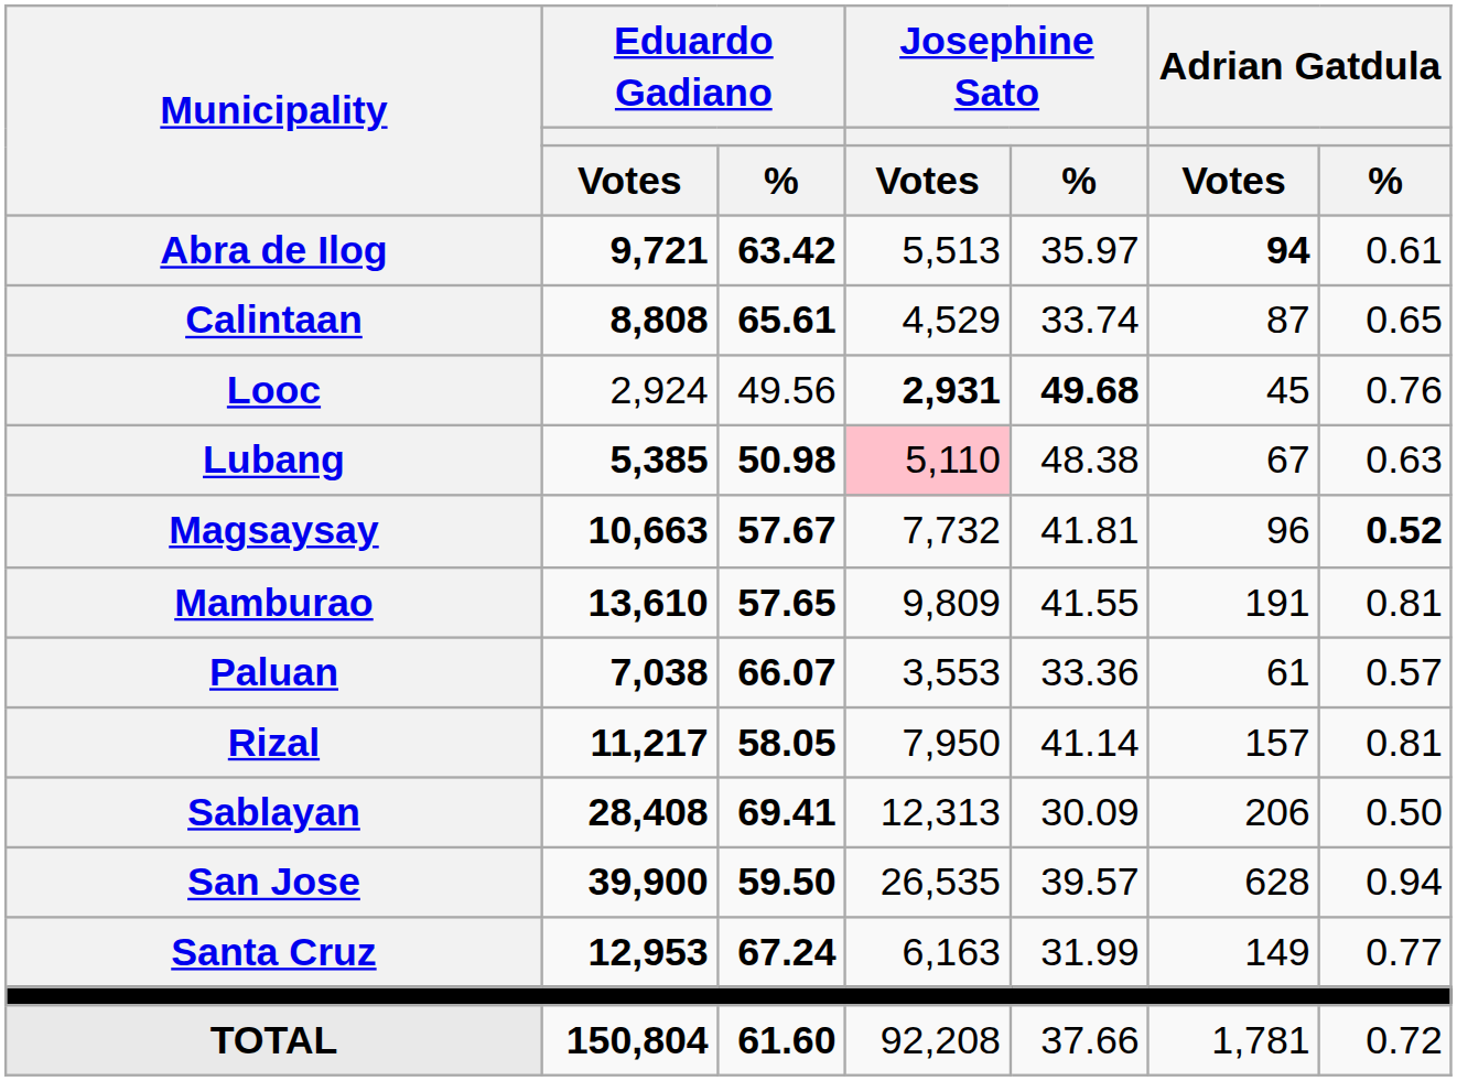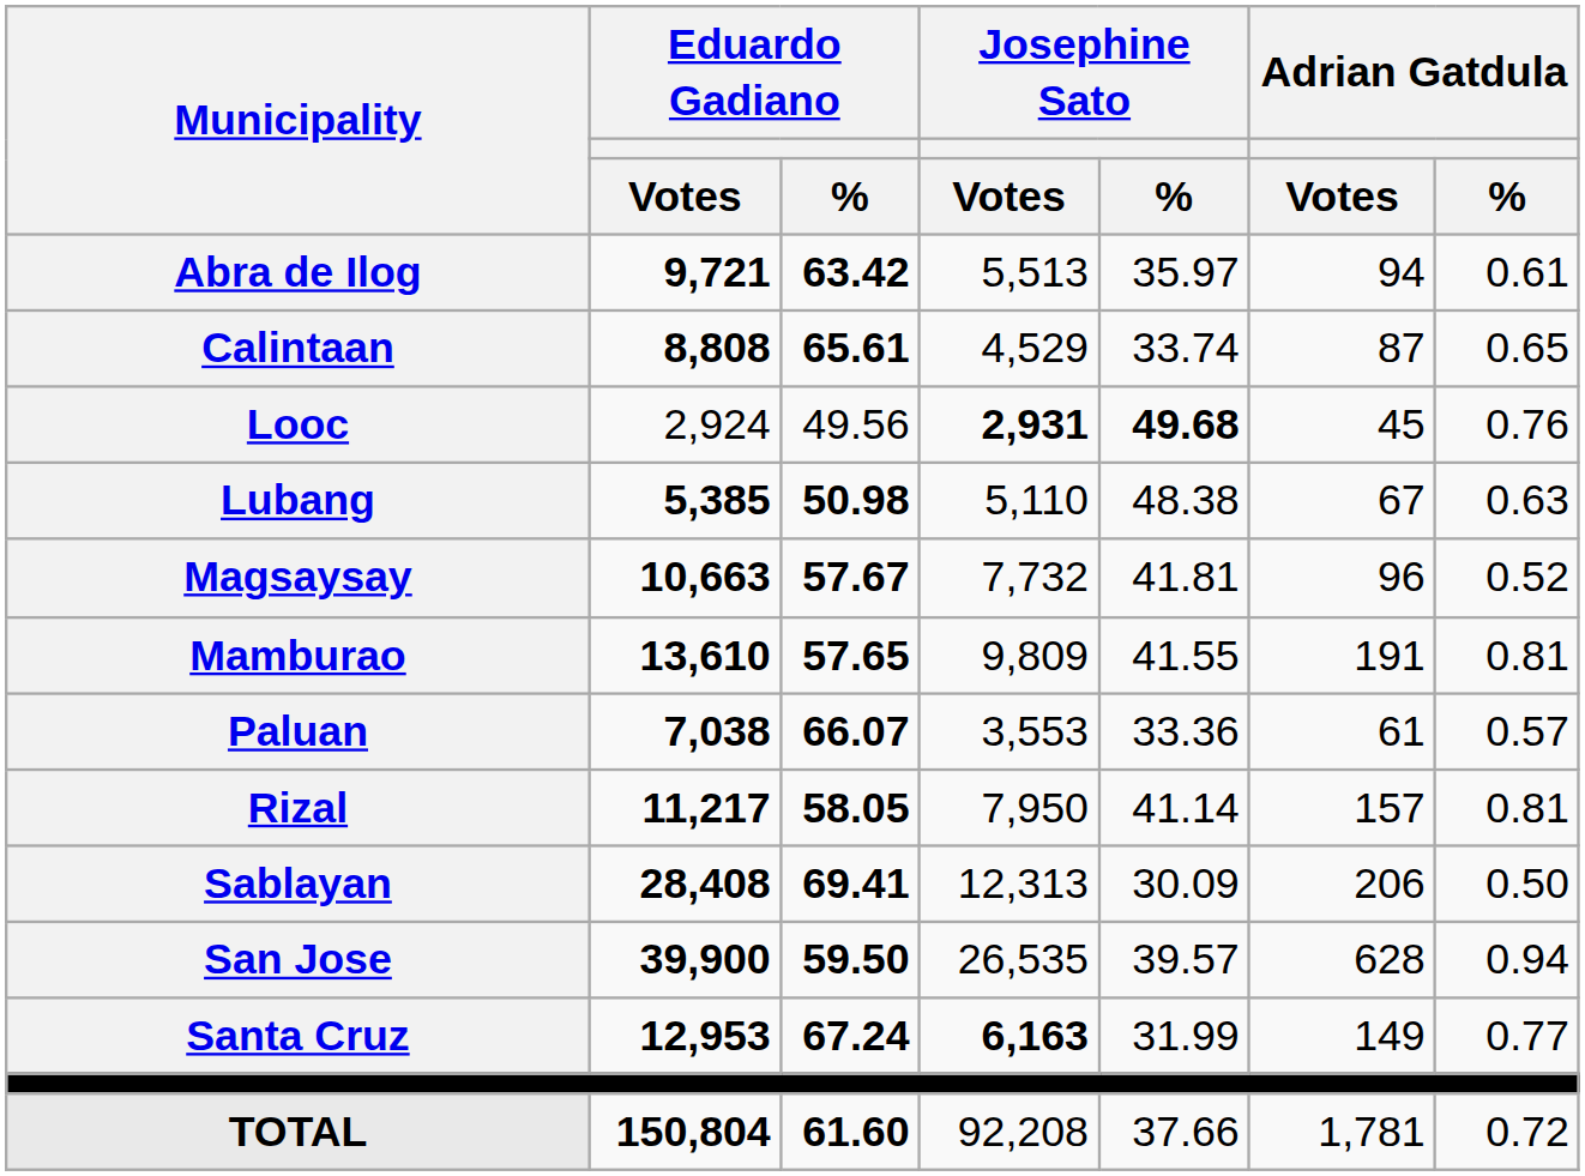 <table class="wikitable collapsible collapsed" style="text-align:right; font-size:95%; line-height:20px;">
 <tr>
 <th rowspan="3" width="200"><a href='#'>Municipality</a></th>
 <th colspan="2" width="110"><a href='#'>Eduardo Gadiano</a></th>
 <th colspan="2" width="110"><a href='#'>Josephine Sato</a></th>
 <th colspan="2" width="110">Adrian Gatdula</th>
 </tr>
 <tr>
 <th colspan="2" style="background:"></th>
 <th colspan="2" style="background:"></th>
 <th colspan="2" style="background:"></th>
 </tr>
 <tr>
 <th>Votes</th>
 <th>%</th>
 <th>Votes</th>
 <th>%</th>
 <th>Votes</th>
 <th>%</th>
 </tr>
 <tr>
 <th scope="row"><a href='#'>Abra de Ilog</a></th>
 <td style="background:"><strong>9,721</strong></td>
 <td style="background:"><strong>63.42</strong></td>
 <td>5,513</td>
 <td>35.97</td>
-<td><strong>94</strong></td>
+<td>94</td>
 <td>0.61</td>
 </tr>
 <tr>
 <th scope="row"><a href='#'>Calintaan</a></th>
 <td style="background:"><strong>8,808</strong></td>
 <td style="background:"><strong>65.61</strong></td>
 <td>4,529</td>
 <td>33.74</td>
 <td>87</td>
 <td>0.65</td>
 </tr>
 <tr>
 <th scope="row"><a href='#'>Looc</a></th>
 <td>2,924</td>
 <td>49.56</td>
 <td style="background:"><strong>2,931</strong></td>
 <td style="background:"><strong>49.68</strong></td>
 <td>45</td>
 <td>0.76</td>
 </tr>
 <tr>
 <th scope="row"><a href='#'>Lubang</a></th>
 <td style="background:"><strong>5,385</strong></td>
 <td style="background:"><strong>50.98</strong></td>
-<td style="background: pink;">5,110</td>
+<td>5,110</td>
 <td>48.38</td>
 <td>67</td>
 <td>0.63</td>
 </tr>
 <tr>
 <th scope="row"><a href='#'>Magsaysay</a></th>
 <td style="background:"><strong>10,663</strong></td>
 <td style="background:"><strong>57.67</strong></td>
 <td>7,732</td>
 <td>41.81</td>
 <td>96</td>
-<td><strong>0.52</strong></td>
+<td>0.52</td>
 </tr>
 <tr>
 <th scope="row"><a href='#'>Mamburao</a></th>
 <td style="background:"><strong>13,610</strong></td>
 <td style="background:"><strong>57.65</strong></td>
 <td>9,809</td>
 <td>41.55</td>
 <td>191</td>
 <td>0.81</td>
 </tr>
 <tr>
 <th scope="row"><a href='#'>Paluan</a></th>
 <td style="background:"><strong>7,038</strong></td>
 <td style="background:"><strong>66.07</strong></td>
 <td>3,553</td>
 <td>33.36</td>
 <td>61</td>
 <td>0.57</td>
 </tr>
 <tr>
 <th scope="row"><a href='#'>Rizal</a></th>
 <td style="background:"><strong>11,217</strong></td>
 <td style="background:"><strong>58.05</strong></td>
 <td>7,950</td>
 <td>41.14</td>
 <td>157</td>
 <td>0.81</td>
 </tr>
 <tr>
 <th scope="row"><a href='#'>Sablayan</a></th>
 <td style="background:"><strong>28,408</strong></td>
 <td style="background:"><strong>69.41</strong></td>
 <td>12,313</td>
 <td>30.09</td>
 <td>206</td>
 <td>0.50</td>
 </tr>
 <tr>
 <th scope="row"><a href='#'>San Jose</a></th>
 <td style="background:"><strong>39,900</strong></td>
 <td style="background:"><strong>59.50</strong></td>
 <td>26,535</td>
 <td>39.57</td>
 <td>628</td>
 <td>0.94</td>
 </tr>
 <tr>
 <th scope="row"><a href='#'>Santa Cruz</a></th>
 <td style="background:"><strong>12,953</strong></td>
 <td style="background:"><strong>67.24</strong></td>
-<td>6,163</td>
+<td><strong>6,163</strong></td>
 <td>31.99</td>
 <td>149</td>
 <td>0.77</td>
 </tr>
 <tr>
 <td colspan=7 bgcolor=black></td>
 </tr>
 <tr>
 <td style="background:#E9E9E9;" align="center"><strong>TOTAL</strong></td>
 <td style="background:"><strong>150,804</strong></td>
 <td style="background:"><strong>61.60</strong></td>
 <td>92,208</td>
 <td>37.66</td>
 <td>1,781</td>
 <td>0.72</td>
 </tr>
 </table>
